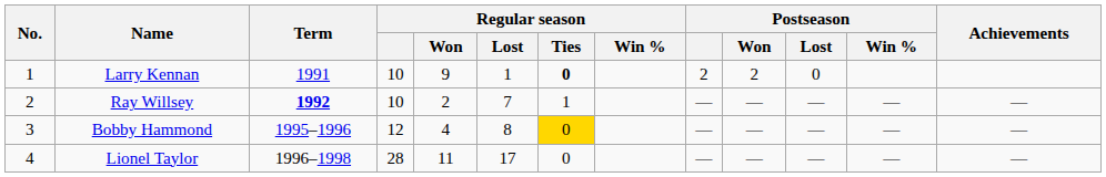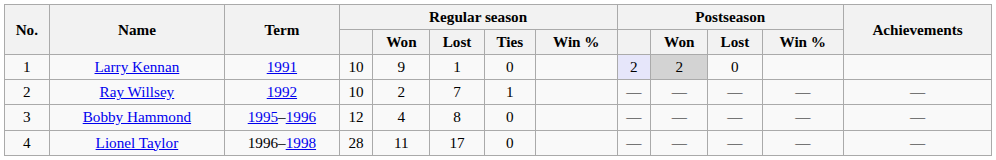 <table class="wikitable" style="font-size:95%; text-align:center; width:65em">
 <tr>
 <th rowspan="2">No.</th>
 <th rowspan="2">Name</th>
 <th rowspan="2">Term</th>
 <th colspan="5">Regular season</th>
 <th colspan="4">Postseason</th>
 <th rowspan="2">Achievements</th>
 </tr>
 <tr>
 <th></th>
 <th>Won</th>
 <th>Lost</th>
 <th>Ties</th>
 <th>Win %</th>
 <th></th>
 <th>Won</th>
 <th>Lost</th>
 <th>Win %</th>
 </tr>
 <tr>
 <td>1</td>
 <td><a href='#'>Larry Kennan</a></td>
 <td><a href='#'>1991</a></td>
 <td>10</td>
 <td>9</td>
 <td>1</td>
-<td><strong>0</strong></td>
+<td>0</td>
 <td></td>
-<td>2</td>
-<td>2</td>
+<td style="background: lavender;">2</td>
+<td style="background: lightgrey;">2</td>
 <td>0</td>
 <td></td>
 <td></td>
 </tr>
 <tr>
 <td>2</td>
 <td><a href='#'>Ray Willsey</a></td>
-<td><strong><a href='#'>1992</a></strong></td>
+<td><a href='#'>1992</a></td>
 <td>10</td>
 <td>2</td>
 <td>7</td>
 <td>1</td>
 <td></td>
 <td>—</td>
 <td>—</td>
 <td>—</td>
 <td>—</td>
 <td>—</td>
 </tr>
 <tr>
 <td>3</td>
 <td><a href='#'>Bobby Hammond</a></td>
 <td><a href='#'>1995</a>–<a href='#'>1996</a></td>
 <td>12</td>
 <td>4</td>
 <td>8</td>
-<td style="background: gold;">0</td>
+<td>0</td>
 <td></td>
 <td>—</td>
 <td>—</td>
 <td>—</td>
 <td>—</td>
 <td>—</td>
 </tr>
 <tr>
 <td>4</td>
 <td><a href='#'>Lionel Taylor</a></td>
 <td>1996–<a href='#'>1998</a></td>
 <td>28</td>
 <td>11</td>
 <td>17</td>
 <td>0</td>
 <td></td>
 <td>—</td>
 <td>—</td>
 <td>—</td>
 <td>—</td>
 <td>—</td>
 </tr>
 </table>
